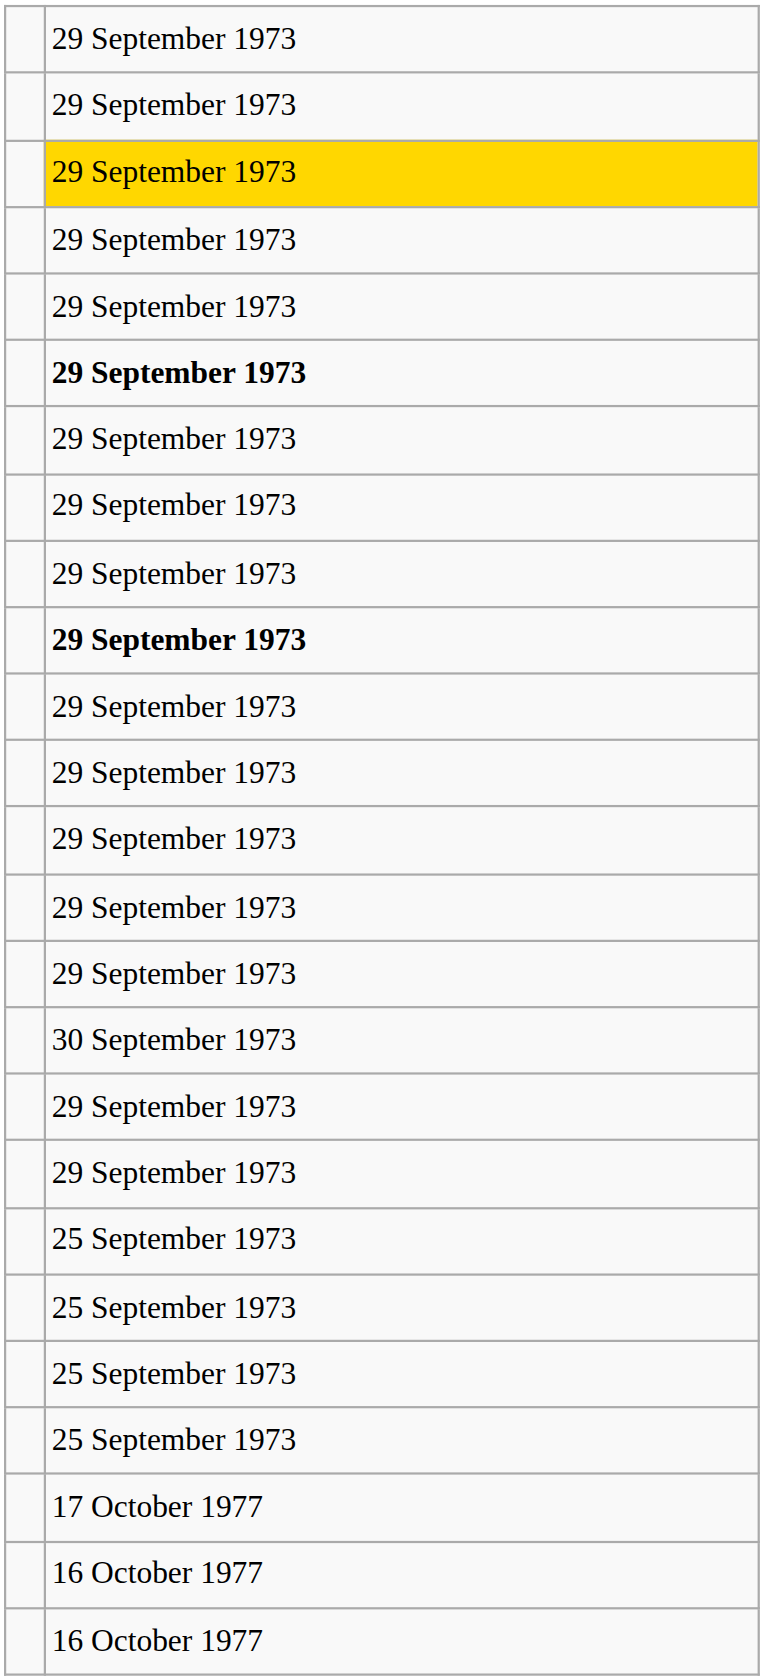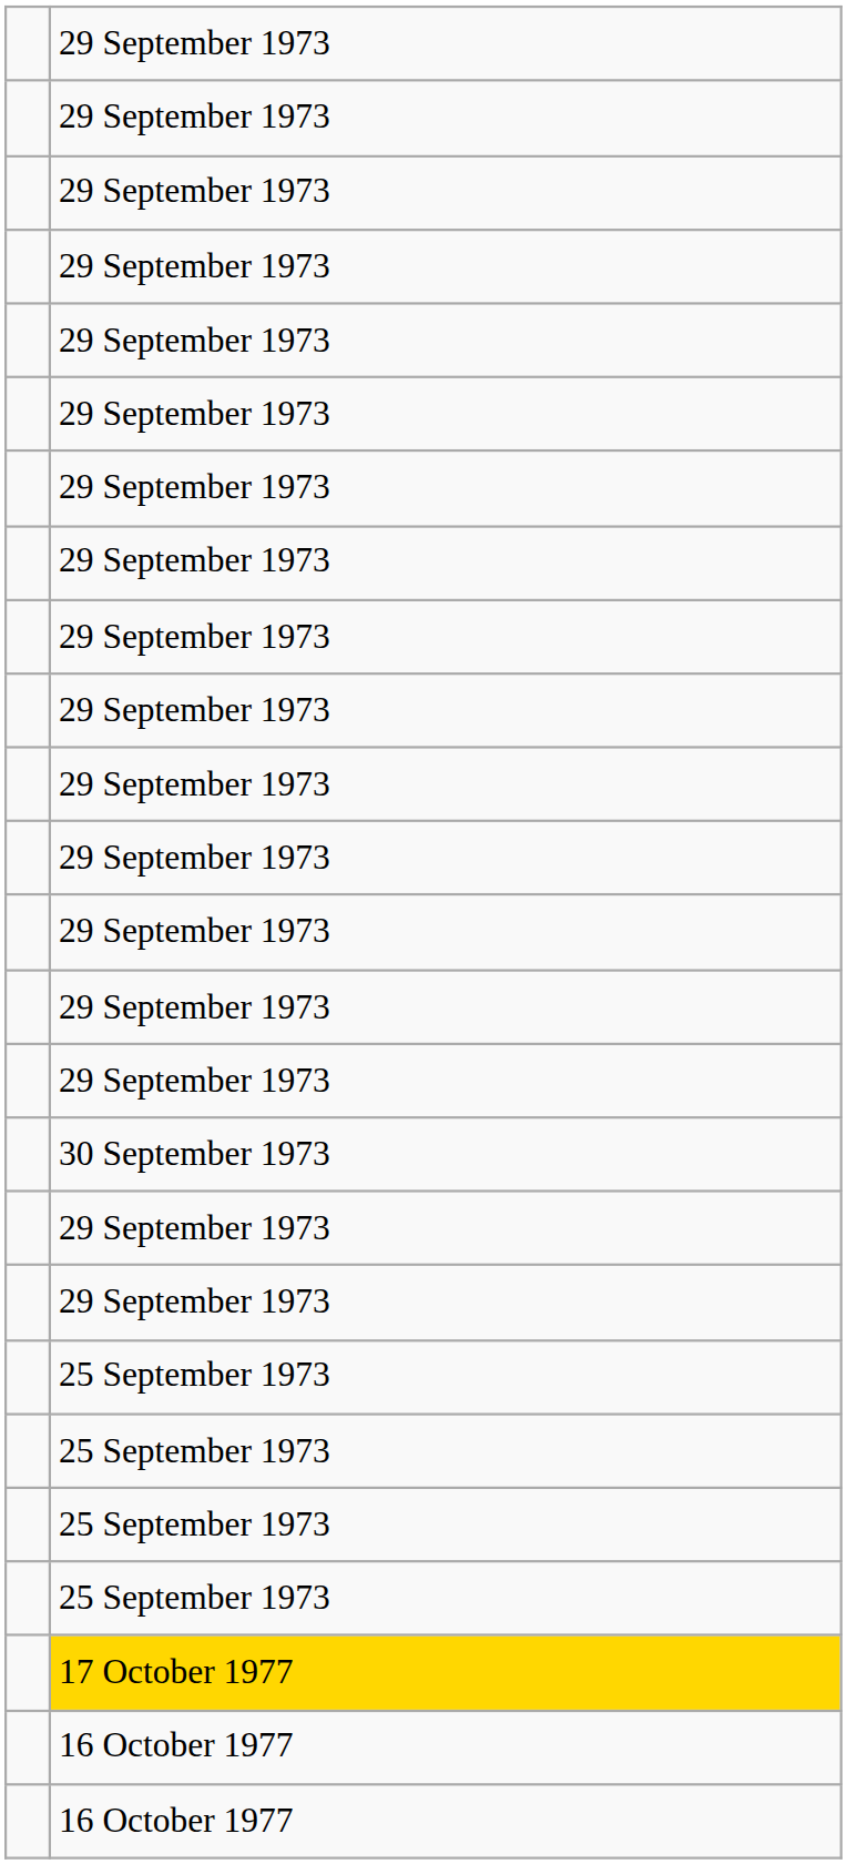 <table class="wikitable" style="font-size: 89%; float: left; width: 24em; margin-right: 1em; line-height: 1.65em">
 <tr>
 <td></td>
 <td>29 September 1973</td>
-</tr>
-<tr>
-<td></td>
-<td>29 September 1973</td>
-</tr>
-<tr>
-<td></td>
-<td style="background: gold;">29 September 1973</td>
-</tr>
-<tr>
-<td></td>
-<td>29 September 1973</td>
-</tr>
-<tr>
-<td></td>
-<td>29 September 1973</td>
-</tr>
-<tr>
-<td></td>
-<td><strong>29 September 1973</strong></td>
 </tr>
 <tr>
 <td></td>
 <td>29 September 1973</td>
 </tr>
 <tr>
 <td></td>
 <td>29 September 1973</td>
 </tr>
 <tr>
 <td></td>
 <td>29 September 1973</td>
 </tr>
 <tr>
 <td></td>
-<td><strong>29 September 1973</strong></td>
+<td>29 September 1973</td>
+</tr>
+<tr>
+<td></td>
+<td>29 September 1973</td>
+</tr>
+<tr>
+<td></td>
+<td>29 September 1973</td>
+</tr>
+<tr>
+<td></td>
+<td>29 September 1973</td>
+</tr>
+<tr>
+<td></td>
+<td>29 September 1973</td>
+</tr>
+<tr>
+<td></td>
+<td>29 September 1973</td>
 </tr>
 <tr>
 <td></td>
 <td>29 September 1973</td>
 </tr>
 <tr>
 <td></td>
 <td>29 September 1973</td>
 </tr>
 <tr>
 <td></td>
 <td>29 September 1973</td>
 </tr>
 <tr>
 <td></td>
 <td>29 September 1973</td>
 </tr>
 <tr>
 <td></td>
 <td>29 September 1973</td>
 </tr>
 <tr>
 <td></td>
 <td>30 September 1973</td>
 </tr>
 <tr>
 <td></td>
 <td>29 September 1973</td>
 </tr>
 <tr>
 <td></td>
 <td>29 September 1973</td>
 </tr>
 <tr>
 <td></td>
 <td>25 September 1973</td>
 </tr>
 <tr>
 <td></td>
 <td>25 September 1973</td>
 </tr>
 <tr>
 <td></td>
 <td>25 September 1973</td>
 </tr>
 <tr>
 <td></td>
 <td>25 September 1973</td>
 </tr>
 <tr>
 <td></td>
-<td>17 October 1977</td>
+<td style="background: gold;">17 October 1977</td>
 </tr>
 <tr>
 <td></td>
 <td>16 October 1977</td>
 </tr>
 <tr>
 <td></td>
 <td>16 October 1977</td>
 </tr>
 </table>
